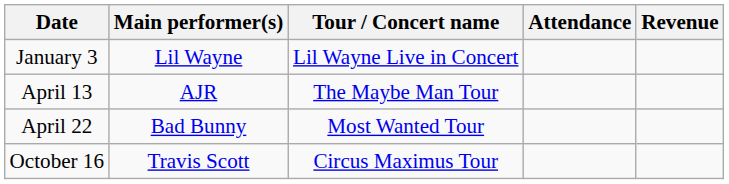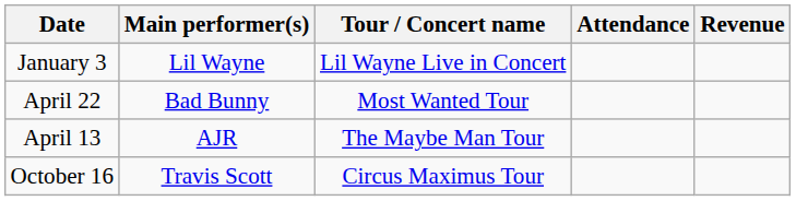 <table class="wikitable"  style="text-align:center; font-size:95%;">
 <tr>
 <th style="text-align:center;">Date</th>
 <th style="text-align:center;">Main performer(s)</th>
 <th style="text-align:center;">Tour / Concert name</th>
 <th style="text-align:center;">Attendance</th>
 <th style="text-align:center;">Revenue</th>
 </tr>
 <tr>
 <td>January 3</td>
 <td><a href='#'>Lil Wayne</a></td>
 <td><a href='#'>Lil Wayne Live in Concert</a></td>
 <td></td>
 <td></td>
 </tr>
 <tr>
-<td>April 13</td>
-<td><a href='#'>AJR</a></td>
-<td><a href='#'>The Maybe Man Tour</a></td>
+<td>April 22</td>
+<td><a href='#'>Bad Bunny</a></td>
+<td><a href='#'>Most Wanted Tour</a></td>
 <td></td>
 <td></td>
 </tr>
 <tr>
-<td>April 22</td>
-<td><a href='#'>Bad Bunny</a></td>
-<td><a href='#'>Most Wanted Tour</a></td>
+<td>April 13</td>
+<td><a href='#'>AJR</a></td>
+<td><a href='#'>The Maybe Man Tour</a></td>
 <td></td>
 <td></td>
 </tr>
 <tr>
 <td>October 16</td>
 <td><a href='#'>Travis Scott</a></td>
 <td><a href='#'>Circus Maximus Tour</a></td>
 <td></td>
 <td></td>
 </tr>
 </table>
